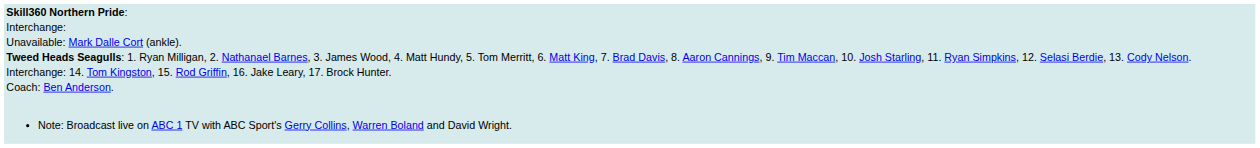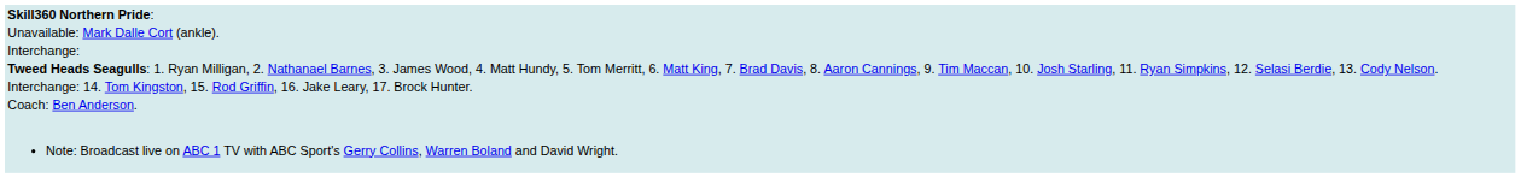 <table style="background:#d7ebed; font-size:85%; width:100%;">
 <tr>
 <td><strong>Skill360 Northern Pride</strong>:             </td>
 </tr>
 <tr>
-<td>Interchange:    </td>
+<td>Unavailable: <a href='#'>Mark Dalle Cort</a> (ankle).</td>
 </tr>
 <tr>
-<td>Unavailable: <a href='#'>Mark Dalle Cort</a> (ankle).</td>
+<td>Interchange:    </td>
 </tr>
 <tr>
 <td><strong>Tweed Heads Seagulls</strong>: 1. Ryan Milligan, 2. <a href='#'>Nathanael Barnes</a>, 3. James Wood, 4. Matt Hundy, 5. Tom Merritt, 6. <a href='#'>Matt King</a>, 7. <a href='#'>Brad Davis</a>, 8. <a href='#'>Aaron Cannings</a>, 9. <a href='#'>Tim Maccan</a>, 10. <a href='#'>Josh Starling</a>, 11. <a href='#'>Ryan Simpkins</a>, 12. <a href='#'>Selasi Berdie</a>, 13. <a href='#'>Cody Nelson</a>.</td>
 </tr>
 <tr>
 <td>Interchange: 14. <a href='#'>Tom Kingston</a>, 15. <a href='#'>Rod Griffin</a>, 16. Jake Leary, 17. Brock Hunter.</td>
 </tr>
 <tr>
 <td>Coach: <a href='#'>Ben Anderson</a>.</td>
 </tr>
 <tr>
 <td><br><ul><li>Note: Broadcast live on <a href='#'>ABC 1</a> TV with ABC Sport's <a href='#'>Gerry Collins</a>, <a href='#'>Warren Boland</a> and David Wright.</li></ul></td>
 </tr>
 </table>
